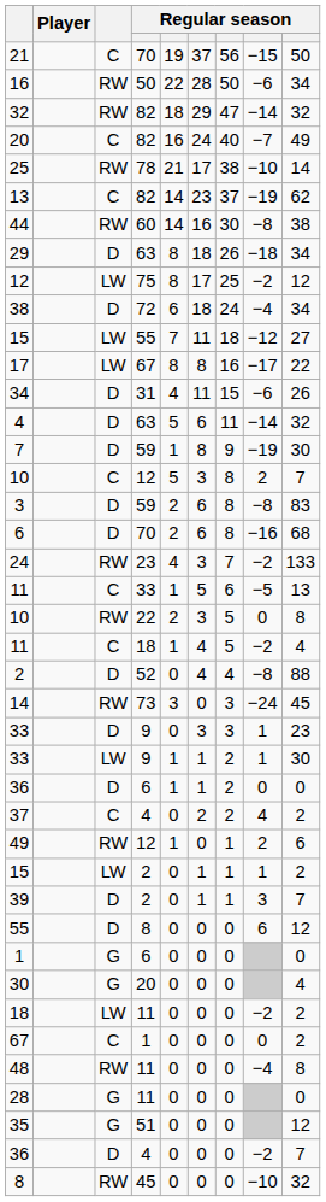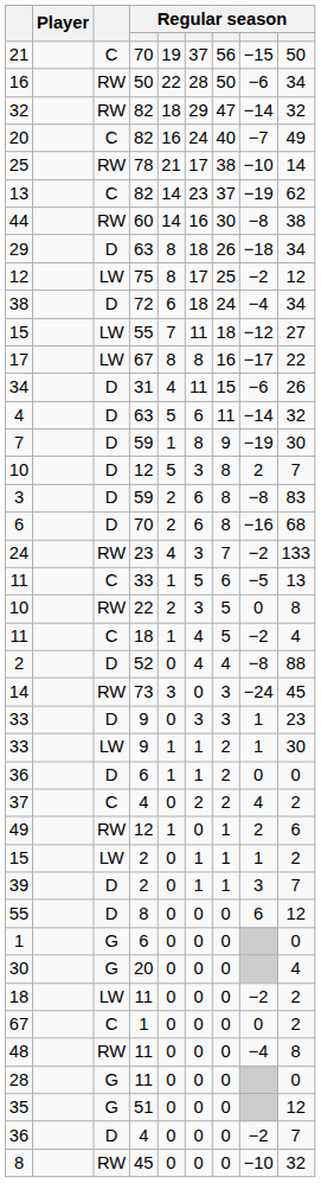 <table class="wikitable sortable plainrowheaders" style="text-align:center;">
 <tr>
 <th scope="col" data-sort-type="number" rowspan="2"></th>
 <th scope="col" rowspan="2">Player</th>
 <th scope="col" rowspan="2"></th>
 <th scope=colgroup colspan=6>Regular season</th>
 </tr>
 <tr>
 <th scope="col" data-sort-type="number"></th>
 <th scope="col" data-sort-type="number"></th>
 <th scope="col" data-sort-type="number"></th>
 <th scope="col" data-sort-type="number"></th>
 <th scope="col" data-sort-type="number"></th>
 <th scope="col" data-sort-type="number"></th>
 </tr>
 <tr>
 <td scope="row">21</td>
 <td align="left"></td>
 <td>C</td>
 <td>70</td>
 <td>19</td>
 <td>37</td>
 <td>56</td>
 <td>−15</td>
 <td>50</td>
 </tr>
 <tr>
 <td scope="row">16</td>
 <td align="left"></td>
 <td>RW</td>
 <td>50</td>
 <td>22</td>
 <td>28</td>
 <td>50</td>
 <td>−6</td>
 <td>34</td>
 </tr>
 <tr>
 <td scope="row">32</td>
 <td align="left"></td>
 <td>RW</td>
 <td>82</td>
 <td>18</td>
 <td>29</td>
 <td>47</td>
 <td>−14</td>
 <td>32</td>
 </tr>
 <tr>
 <td scope="row">20</td>
 <td align="left"></td>
 <td>C</td>
 <td>82</td>
 <td>16</td>
 <td>24</td>
 <td>40</td>
 <td>−7</td>
 <td>49</td>
 </tr>
 <tr>
 <td scope="row">25</td>
 <td align="left"></td>
 <td>RW</td>
 <td>78</td>
 <td>21</td>
 <td>17</td>
 <td>38</td>
 <td>−10</td>
 <td>14</td>
 </tr>
 <tr>
 <td scope="row">13</td>
 <td align="left"></td>
 <td>C</td>
 <td>82</td>
 <td>14</td>
 <td>23</td>
 <td>37</td>
 <td>−19</td>
 <td>62</td>
 </tr>
 <tr>
 <td scope="row">44</td>
 <td align="left"></td>
 <td>RW</td>
 <td>60</td>
 <td>14</td>
 <td>16</td>
 <td>30</td>
 <td>−8</td>
 <td>38</td>
 </tr>
 <tr>
 <td scope="row">29</td>
 <td align="left"></td>
 <td>D</td>
 <td>63</td>
 <td>8</td>
 <td>18</td>
 <td>26</td>
 <td>−18</td>
 <td>34</td>
 </tr>
 <tr>
 <td scope="row">12</td>
 <td align="left"></td>
 <td>LW</td>
 <td>75</td>
 <td>8</td>
 <td>17</td>
 <td>25</td>
 <td>−2</td>
 <td>12</td>
 </tr>
 <tr>
 <td scope="row">38</td>
 <td align="left"></td>
 <td>D</td>
 <td>72</td>
 <td>6</td>
 <td>18</td>
 <td>24</td>
 <td>−4</td>
 <td>34</td>
 </tr>
 <tr>
 <td scope="row">15</td>
 <td align="left"></td>
 <td>LW</td>
 <td>55</td>
 <td>7</td>
 <td>11</td>
 <td>18</td>
 <td>−12</td>
 <td>27</td>
 </tr>
 <tr>
 <td scope="row">17</td>
 <td align="left"></td>
 <td>LW</td>
 <td>67</td>
 <td>8</td>
 <td>8</td>
 <td>16</td>
 <td>−17</td>
 <td>22</td>
 </tr>
 <tr>
 <td scope="row">34</td>
 <td align="left"></td>
 <td>D</td>
 <td>31</td>
 <td>4</td>
 <td>11</td>
 <td>15</td>
 <td>−6</td>
 <td>26</td>
 </tr>
 <tr>
 <td scope="row">4</td>
 <td align="left"></td>
 <td>D</td>
 <td>63</td>
 <td>5</td>
 <td>6</td>
 <td>11</td>
 <td>−14</td>
 <td>32</td>
 </tr>
 <tr>
 <td scope="row">7</td>
 <td align="left"></td>
 <td>D</td>
 <td>59</td>
 <td>1</td>
 <td>8</td>
 <td>9</td>
 <td>−19</td>
 <td>30</td>
 </tr>
 <tr>
 <td scope="row">10</td>
 <td align="left"></td>
-<td>C</td>
+<td>D</td>
 <td>12</td>
 <td>5</td>
 <td>3</td>
 <td>8</td>
 <td>2</td>
 <td>7</td>
 </tr>
 <tr>
 <td scope="row">3</td>
 <td align="left"></td>
 <td>D</td>
 <td>59</td>
 <td>2</td>
 <td>6</td>
 <td>8</td>
 <td>−8</td>
 <td>83</td>
 </tr>
 <tr>
 <td scope="row">6</td>
 <td align="left"></td>
 <td>D</td>
 <td>70</td>
 <td>2</td>
 <td>6</td>
 <td>8</td>
 <td>−16</td>
 <td>68</td>
 </tr>
 <tr>
 <td scope="row">24</td>
 <td align="left"></td>
 <td>RW</td>
 <td>23</td>
 <td>4</td>
 <td>3</td>
 <td>7</td>
 <td>−2</td>
 <td>133</td>
 </tr>
 <tr>
 <td scope="row">11</td>
 <td align="left"></td>
 <td>C</td>
 <td>33</td>
 <td>1</td>
 <td>5</td>
 <td>6</td>
 <td>−5</td>
 <td>13</td>
 </tr>
 <tr>
 <td scope="row">10</td>
 <td align="left"></td>
 <td>RW</td>
 <td>22</td>
 <td>2</td>
 <td>3</td>
 <td>5</td>
 <td>0</td>
 <td>8</td>
 </tr>
 <tr>
 <td scope="row">11</td>
 <td align="left"></td>
 <td>C</td>
 <td>18</td>
 <td>1</td>
 <td>4</td>
 <td>5</td>
 <td>−2</td>
 <td>4</td>
 </tr>
 <tr>
 <td scope="row">2</td>
 <td align="left"></td>
 <td>D</td>
 <td>52</td>
 <td>0</td>
 <td>4</td>
 <td>4</td>
 <td>−8</td>
 <td>88</td>
 </tr>
 <tr>
 <td scope="row">14</td>
 <td align="left"></td>
 <td>RW</td>
 <td>73</td>
 <td>3</td>
 <td>0</td>
 <td>3</td>
 <td>−24</td>
 <td>45</td>
 </tr>
 <tr>
 <td scope="row">33</td>
 <td align="left"></td>
 <td>D</td>
 <td>9</td>
 <td>0</td>
 <td>3</td>
 <td>3</td>
 <td>1</td>
 <td>23</td>
 </tr>
 <tr>
 <td scope="row">33</td>
 <td align="left"></td>
 <td>LW</td>
 <td>9</td>
 <td>1</td>
 <td>1</td>
 <td>2</td>
 <td>1</td>
 <td>30</td>
 </tr>
 <tr>
 <td scope="row">36</td>
 <td align="left"></td>
 <td>D</td>
 <td>6</td>
 <td>1</td>
 <td>1</td>
 <td>2</td>
 <td>0</td>
 <td>0</td>
 </tr>
 <tr>
 <td scope="row">37</td>
 <td align="left"></td>
 <td>C</td>
 <td>4</td>
 <td>0</td>
 <td>2</td>
 <td>2</td>
 <td>4</td>
 <td>2</td>
 </tr>
 <tr>
 <td scope="row">49</td>
 <td align="left"></td>
 <td>RW</td>
 <td>12</td>
 <td>1</td>
 <td>0</td>
 <td>1</td>
 <td>2</td>
 <td>6</td>
 </tr>
 <tr>
 <td scope="row">15</td>
 <td align="left"></td>
 <td>LW</td>
 <td>2</td>
 <td>0</td>
 <td>1</td>
 <td>1</td>
 <td>1</td>
 <td>2</td>
 </tr>
 <tr>
 <td scope="row">39</td>
 <td align="left"></td>
 <td>D</td>
 <td>2</td>
 <td>0</td>
 <td>1</td>
 <td>1</td>
 <td>3</td>
 <td>7</td>
 </tr>
 <tr>
 <td scope="row">55</td>
 <td align="left"></td>
 <td>D</td>
 <td>8</td>
 <td>0</td>
 <td>0</td>
 <td>0</td>
 <td>6</td>
 <td>12</td>
 </tr>
 <tr>
 <td scope="row">1</td>
 <td align="left"></td>
 <td>G</td>
 <td>6</td>
 <td>0</td>
 <td>0</td>
 <td>0</td>
 <td style="background:#ccc"></td>
 <td>0</td>
 </tr>
 <tr>
 <td scope="row">30</td>
 <td align="left"></td>
 <td>G</td>
 <td>20</td>
 <td>0</td>
 <td>0</td>
 <td>0</td>
 <td style="background:#ccc"></td>
 <td>4</td>
 </tr>
 <tr>
 <td scope="row">18</td>
 <td align="left"></td>
 <td>LW</td>
 <td>11</td>
 <td>0</td>
 <td>0</td>
 <td>0</td>
 <td>−2</td>
 <td>2</td>
 </tr>
 <tr>
 <td scope="row">67</td>
 <td align="left"></td>
 <td>C</td>
 <td>1</td>
 <td>0</td>
 <td>0</td>
 <td>0</td>
 <td>0</td>
 <td>2</td>
 </tr>
 <tr>
 <td scope="row">48</td>
 <td align="left"></td>
 <td>RW</td>
 <td>11</td>
 <td>0</td>
 <td>0</td>
 <td>0</td>
 <td>−4</td>
 <td>8</td>
 </tr>
 <tr>
 <td scope="row">28</td>
 <td align="left"></td>
 <td>G</td>
 <td>11</td>
 <td>0</td>
 <td>0</td>
 <td>0</td>
 <td style="background:#ccc"></td>
 <td>0</td>
 </tr>
 <tr>
 <td scope="row">35</td>
 <td align="left"></td>
 <td>G</td>
 <td>51</td>
 <td>0</td>
 <td>0</td>
 <td>0</td>
 <td style="background:#ccc"></td>
 <td>12</td>
 </tr>
 <tr>
 <td scope="row">36</td>
 <td align="left"></td>
 <td>D</td>
 <td>4</td>
 <td>0</td>
 <td>0</td>
 <td>0</td>
 <td>−2</td>
 <td>7</td>
 </tr>
 <tr>
 <td scope="row">8</td>
 <td align="left"></td>
 <td>RW</td>
 <td>45</td>
 <td>0</td>
 <td>0</td>
 <td>0</td>
 <td>−10</td>
 <td>32</td>
 </tr>
 </table>
